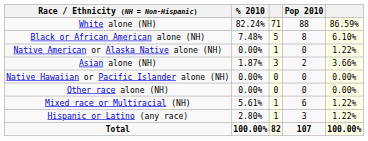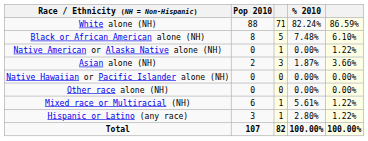 <table class="wikitable" style="text-align:center;">
 <tr>
 <th>Race / Ethnicity <small>(<em>NH = Non-Hispanic</em>)</small></th>
+<th>Pop 2010</th>
+<th></th>
 <th>% 2010</th>
-<th></th>
-<th>Pop 2010</th>
 <th></th>
 </tr>
 <tr>
 <td><a href='#'>White</a> alone (NH)</td>
+<td>88</td>
+<td style='background: #ffffe6;'>71</td>
 <td>82.24%</td>
-<td style='background: #ffffe6;'>71</td>
-<td>88</td>
 <td style='background: #ffffe6;'>86.59%</td>
 </tr>
 <tr>
 <td><a href='#'>Black or African American</a> alone (NH)</td>
+<td>8</td>
+<td style='background: #ffffe6;'>5</td>
 <td>7.48%</td>
-<td style='background: #ffffe6;'>5</td>
-<td>8</td>
 <td style='background: #ffffe6;'>6.10%</td>
 </tr>
 <tr>
 <td><a href='#'>Native American</a> or <a href='#'>Alaska Native</a> alone (NH)</td>
+<td>0</td>
+<td style='background: #ffffe6;'>1</td>
 <td>0.00%</td>
-<td style='background: #ffffe6;'>1</td>
-<td>0</td>
 <td style='background: #ffffe6;'>1.22%</td>
 </tr>
 <tr>
 <td><a href='#'>Asian</a> alone (NH)</td>
+<td>2</td>
+<td style='background: #ffffe6;'>3</td>
 <td>1.87%</td>
-<td style='background: #ffffe6;'>3</td>
-<td>2</td>
 <td style='background: #ffffe6;'>3.66%</td>
 </tr>
 <tr>
 <td><a href='#'>Native Hawaiian</a> or <a href='#'>Pacific Islander</a> alone (NH)</td>
+<td>0</td>
+<td style='background: #ffffe6;'>0</td>
 <td>0.00%</td>
-<td style='background: #ffffe6;'>0</td>
-<td>0</td>
 <td style='background: #ffffe6;'>0.00%</td>
 </tr>
 <tr>
 <td><a href='#'>Other race</a> alone (NH)</td>
+<td>0</td>
+<td style='background: #ffffe6;'>0</td>
 <td>0.00%</td>
-<td style='background: #ffffe6;'>0</td>
-<td>0</td>
 <td style='background: #ffffe6;'>0.00%</td>
 </tr>
 <tr>
 <td><a href='#'>Mixed race or Multiracial</a> (NH)</td>
+<td>6</td>
+<td style='background: #ffffe6;'>1</td>
 <td>5.61%</td>
-<td style='background: #ffffe6;'>1</td>
-<td>6</td>
 <td style='background: #ffffe6;'>1.22%</td>
 </tr>
 <tr>
 <td><a href='#'>Hispanic or Latino</a> (any race)</td>
+<td>3</td>
+<td style='background: #ffffe6;'>1</td>
 <td>2.80%</td>
-<td style='background: #ffffe6;'>1</td>
-<td>3</td>
 <td style='background: #ffffe6;'>1.22%</td>
 </tr>
 <tr>
 <td><strong>Total</strong></td>
+<td><strong>107</strong></td>
+<td style='background: #ffffe6;'><strong>82</strong></td>
 <td><strong>100.00%</strong></td>
-<td style='background: #ffffe6;'><strong>82</strong></td>
-<td><strong>107</strong></td>
 <td style='background: #ffffe6;'><strong>100.00%</strong></td>
 </tr>
 </table>
